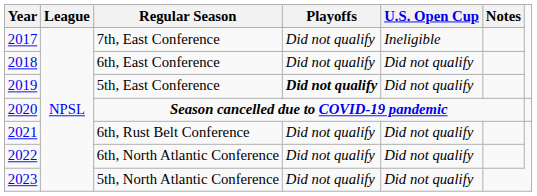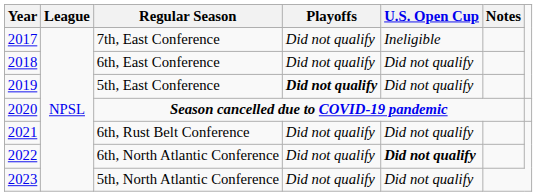 <table class="wikitable">
 <tr>
 <th>Year</th>
 <th>League</th>
 <th>Regular Season</th>
 <th>Playoffs</th>
 <th><a href='#'>U.S. Open Cup</a></th>
 <th>Notes</th>
 </tr>
 <tr>
 <td><a href='#'>2017</a></td>
 <td style="text-align:center;" rowspan="7"><a href='#'>NPSL</a></td>
 <td>7th, East Conference</td>
 <td><em>Did not qualify</em></td>
 <td><em>Ineligible</em></td>
 <td></td>
 </tr>
 <tr>
 <td><a href='#'>2018</a></td>
 <td>6th, East Conference</td>
 <td><em>Did not qualify</em></td>
 <td><em>Did not qualify</em></td>
 <td></td>
 </tr>
 <tr>
 <td><a href='#'>2019</a></td>
 <td>5th, East Conference</td>
 <td><strong><em>Did not qualify</em></strong></td>
 <td><em>Did not qualify</em></td>
 <td></td>
 </tr>
 <tr>
 <td><a href='#'>2020</a></td>
 <td colspan="4" style="text-align:center;"><strong><em>Season cancelled due to <a href='#'>COVID-19 pandemic</a></em></strong></td>
 <td></td>
 </tr>
 <tr>
 <td><a href='#'>2021</a></td>
 <td>6th, Rust Belt Conference</td>
 <td><em>Did not qualify</em></td>
 <td><em>Did not qualify</em></td>
 <td></td>
 </tr>
 <tr>
 <td><a href='#'>2022</a></td>
 <td>6th, North Atlantic Conference</td>
 <td><em>Did not qualify</em></td>
-<td><em>Did not qualify</em></td>
+<td><strong><em>Did not qualify</em></strong></td>
 <td></td>
 </tr>
 <tr>
 <td><a href='#'>2023</a></td>
 <td>5th, North Atlantic Conference</td>
 <td><em>Did not qualify</em></td>
 <td><em>Did not qualify</em></td>
 </tr>
 </table>
